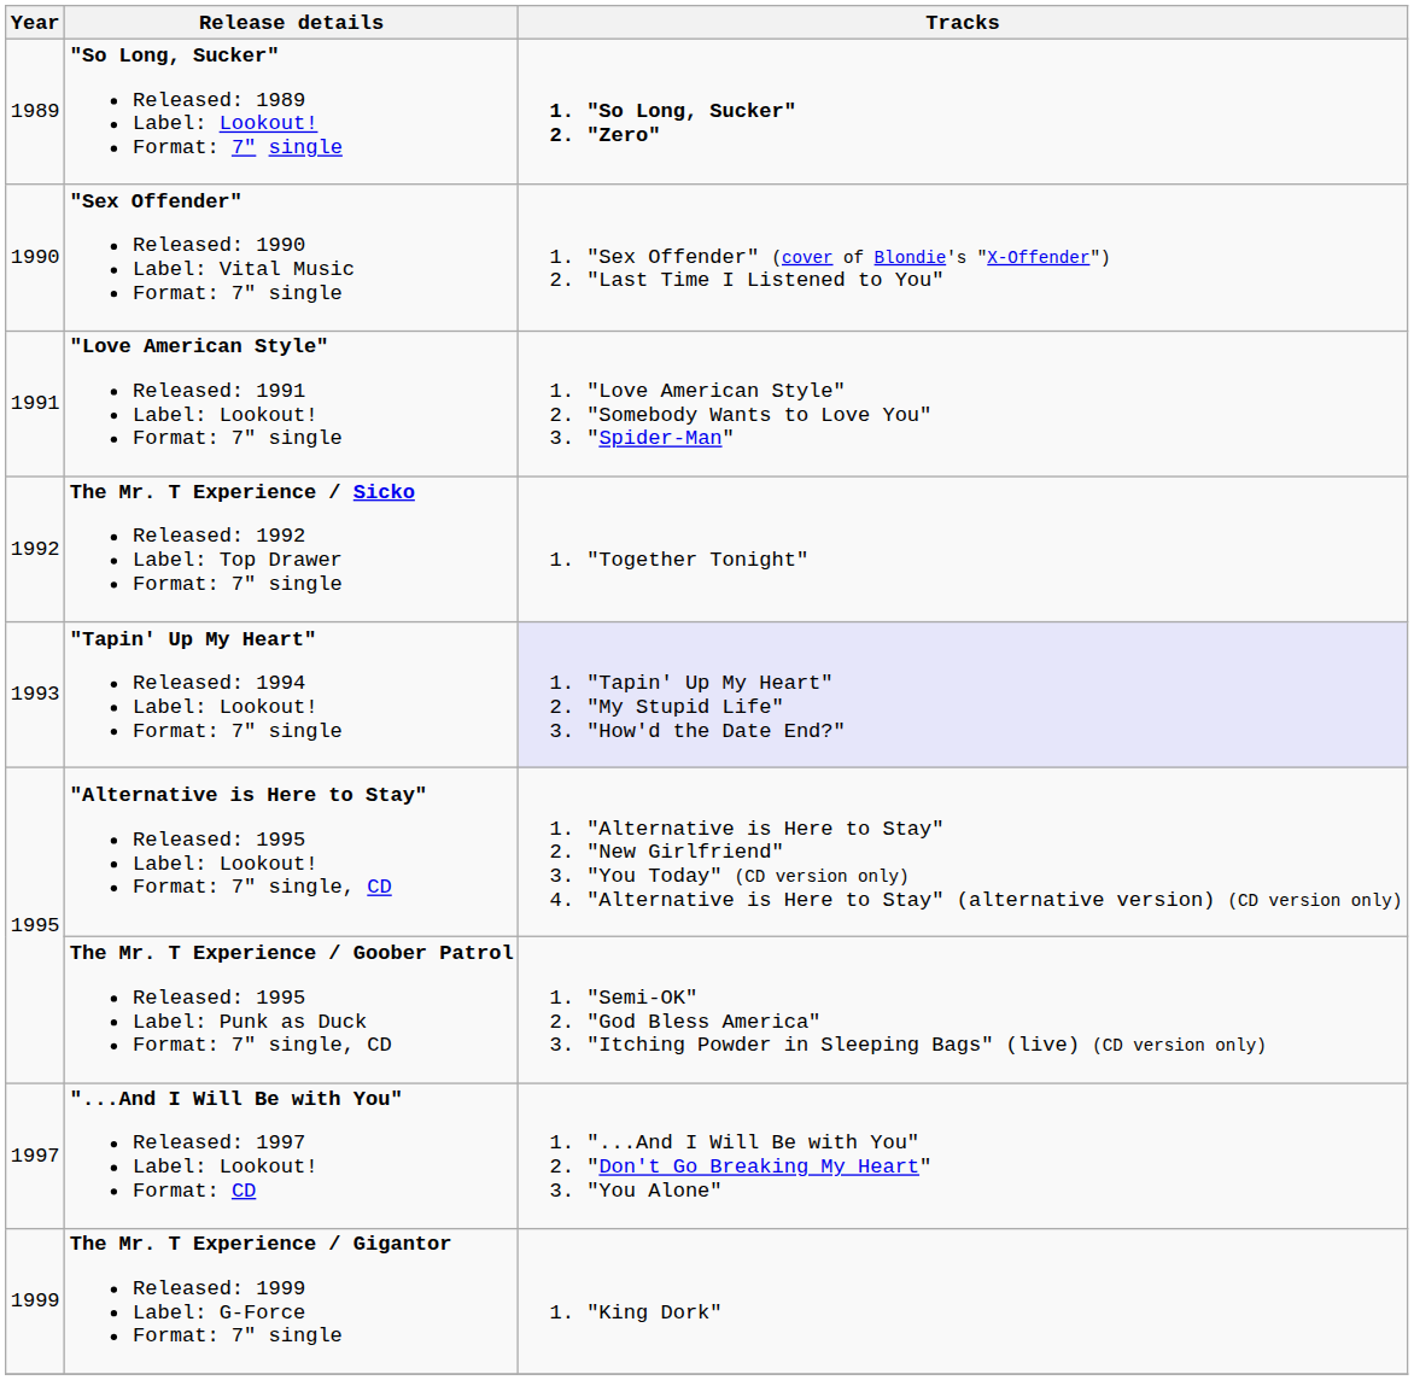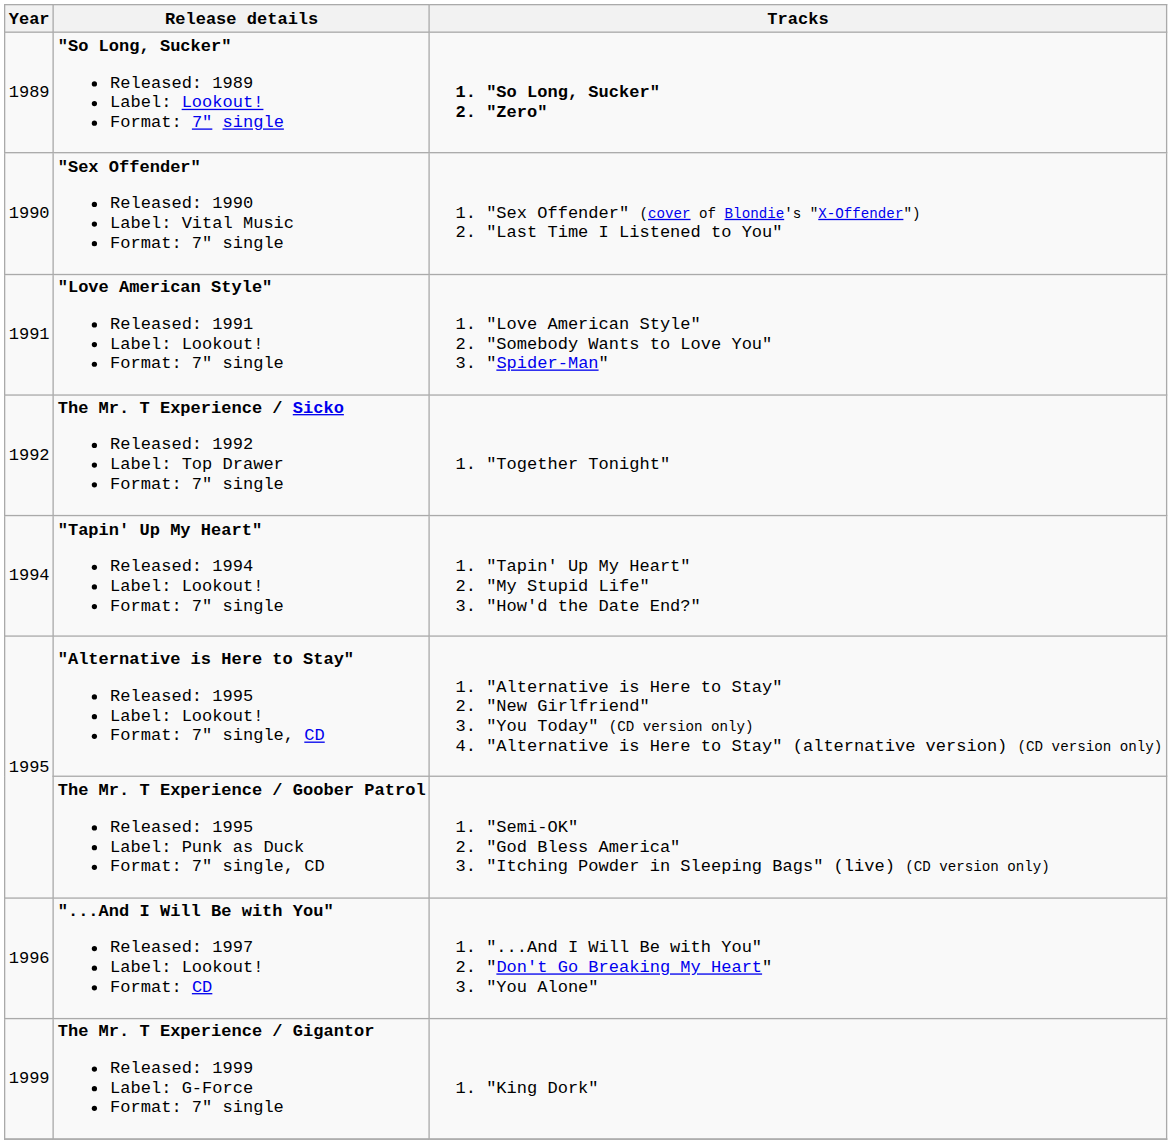 <table class ="wikitable">
 <tr>
 <th>Year</th>
 <th>Release details</th>
 <th>Tracks</th>
 </tr>
 <tr>
 <td>1989</td>
 <td><strong>"So Long, Sucker"</strong><br><ul><li>Released: 1989</li><li>Label: <a href='#'>Lookout!</a></li><li>Format: <a href='#'>7"</a> <a href='#'>single</a></li></ul></td>
 <td><strong><br><ol><li>"So Long, Sucker"</li><li>"Zero"</li></ol></strong></td>
 </tr>
 <tr>
 <td>1990</td>
 <td><strong>"Sex Offender"</strong><br><ul><li>Released: 1990</li><li>Label: Vital Music</li><li>Format: 7" single</li></ul></td>
 <td><br><ol><li>"Sex Offender" <small>(<a href='#'>cover</a> of <a href='#'>Blondie</a>'s "<a href='#'>X-Offender</a>")</small></li><li>"Last Time I Listened to You"</li></ol></td>
 </tr>
 <tr>
 <td>1991</td>
 <td><strong>"Love American Style"</strong><br><ul><li>Released: 1991</li><li>Label: Lookout!</li><li>Format: 7" single</li></ul></td>
 <td><br><ol><li>"Love American Style"</li><li>"Somebody Wants to Love You"</li><li>"<a href='#'>Spider-Man</a>"</li></ol></td>
 </tr>
 <tr>
 <td>1992</td>
 <td><strong>The Mr. T Experience / <a href='#'>Sicko</a></strong><br><ul><li>Released: 1992</li><li>Label: Top Drawer</li><li>Format: 7" single</li></ul></td>
 <td><br><ol><li>"Together Tonight"</li></ol></td>
 </tr>
 <tr>
-<td>1993</td>
+<td>1994</td>
 <td><strong>"Tapin' Up My Heart"</strong><br><ul><li>Released: 1994</li><li>Label: Lookout!</li><li>Format: 7" single</li></ul></td>
-<td style="background: lavender;"><br><ol><li>"Tapin' Up My Heart"</li><li>"My Stupid Life"</li><li>"How'd the Date End?"</li></ol></td>
+<td><br><ol><li>"Tapin' Up My Heart"</li><li>"My Stupid Life"</li><li>"How'd the Date End?"</li></ol></td>
 </tr>
 <tr>
 <td rowspan="2">1995</td>
 <td><strong>"Alternative is Here to Stay"</strong><br><ul><li>Released: 1995</li><li>Label: Lookout!</li><li>Format: 7" single, <a href='#'>CD</a></li></ul></td>
 <td><br><ol><li>"Alternative is Here to Stay"</li><li>"New Girlfriend"</li><li>"You Today" <small>(CD version only)</small></li><li>"Alternative is Here to Stay" (alternative version) <small>(CD version only)</small></li></ol></td>
 </tr>
 <tr>
 <td><strong>The Mr. T Experience / Goober Patrol</strong><br><ul><li>Released: 1995</li><li>Label: Punk as Duck</li><li>Format: 7" single, CD</li></ul></td>
 <td><br><ol><li>"Semi-OK"</li><li>"God Bless America"</li><li>"Itching Powder in Sleeping Bags" (live) <small>(CD version only)</small></li></ol></td>
 </tr>
 <tr>
-<td>1997</td>
+<td>1996</td>
 <td><strong>"...And I Will Be with You"</strong><br><ul><li>Released: 1997</li><li>Label: Lookout!</li><li>Format: <a href='#'>CD</a></li></ul></td>
 <td><br><ol><li>"...And I Will Be with You"</li><li>"<a href='#'>Don't Go Breaking My Heart</a>"</li><li>"You Alone"</li></ol></td>
 </tr>
 <tr>
 <td>1999</td>
 <td><strong>The Mr. T Experience / Gigantor</strong><br><ul><li>Released: 1999</li><li>Label: G-Force</li><li>Format: 7" single</li></ul></td>
 <td><br><ol><li>"King Dork"</li></ol></td>
 </tr>
 <tr>
 </tr>
 </table>
